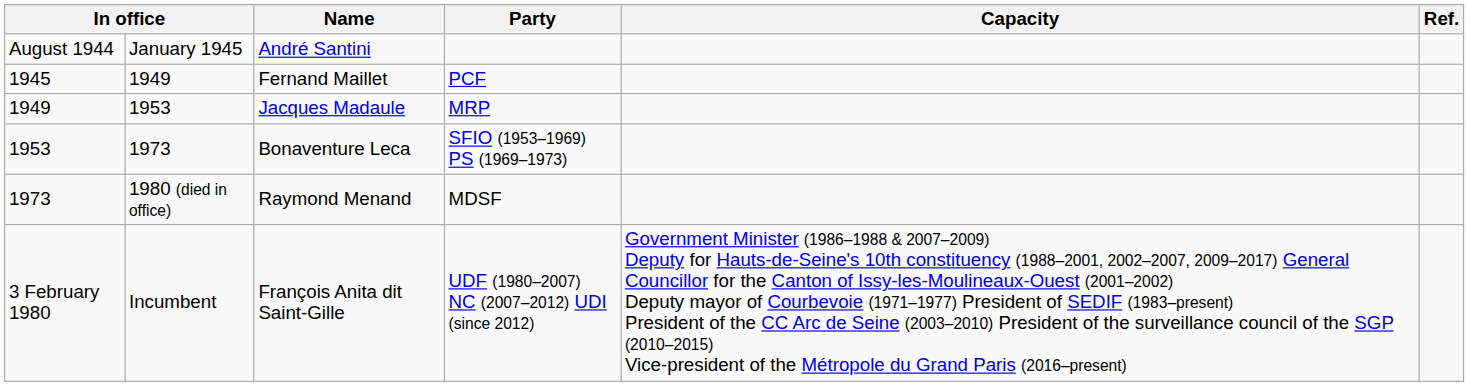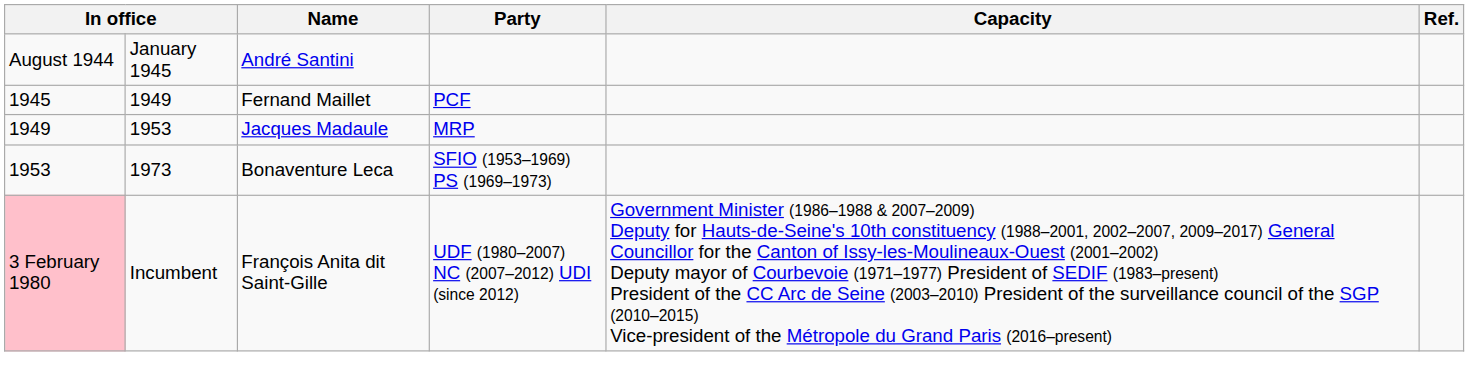 <table class="wikitable">
 <tr>
 <th colspan="2">In office</th>
 <th>Name</th>
 <th>Party</th>
 <th>Capacity</th>
 <th>Ref.</th>
 </tr>
 <tr>
 <td>August 1944</td>
 <td>January 1945</td>
 <td><a href='#'>André Santini</a></td>
 <td></td>
 <td></td>
 <td></td>
 </tr>
 <tr>
 <td>1945</td>
 <td>1949</td>
 <td>Fernand Maillet</td>
 <td><a href='#'>PCF</a></td>
 <td></td>
 <td></td>
 </tr>
 <tr>
 <td>1949</td>
 <td>1953</td>
 <td><a href='#'>Jacques Madaule</a></td>
 <td><a href='#'>MRP</a></td>
 <td></td>
 <td></td>
 </tr>
 <tr>
 <td>1953</td>
 <td>1973</td>
 <td>Bonaventure Leca</td>
 <td><a href='#'>SFIO</a> <small>(1953–1969)</small><br><a href='#'>PS</a> <small>(1969–1973)</small></td>
 <td></td>
 <td></td>
 </tr>
 <tr>
-<td>1973</td>
-<td>1980 <small>(died in office)</small></td>
-<td>Raymond Menand</td>
-<td>MDSF</td>
-<td></td>
-<td></td>
-</tr>
-<tr>
-<td>3 February 1980</td>
+<td style="background: pink;">3 February 1980</td>
 <td>Incumbent</td>
 <td>François Anita dit Saint-Gille</td>
 <td><a href='#'>UDF</a> <small>(1980–2007)</small><br><a href='#'>NC</a> <small>(2007–2012)</small> <a href='#'>UDI</a> <small>(since 2012)</small></td>
 <td><a href='#'>Government Minister</a> <small>(1986–1988 & 2007–2009)</small><br><a href='#'>Deputy</a> for <a href='#'>Hauts-de-Seine's 10th constituency</a> <small>(1988–2001, 2002–2007, 2009–2017)</small> <a href='#'>General Councillor</a> for the <a href='#'>Canton of Issy-les-Moulineaux-Ouest</a> <small>(2001–2002)</small><br>Deputy mayor of <a href='#'>Courbevoie</a> <small>(1971–1977)</small> President of <a href='#'>SEDIF</a> <small>(1983–present)</small><br>President of the <a href='#'>CC Arc de Seine</a> <small>(2003–2010)</small> President of the surveillance council of the  <a href='#'>SGP</a> <small>(2010–2015)</small><br>Vice-president of the <a href='#'>Métropole du Grand Paris</a> <small>(2016–present)</small></td>
 <td></td>
 </tr>
 </table>
